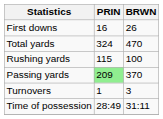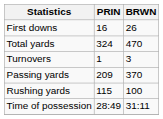 <table class="wikitable">
 <tr>
 <th>Statistics</th>
 <th>PRIN</th>
 <th>BRWN</th>
 </tr>
 <tr>
 <td>First downs</td>
 <td>16</td>
 <td>26</td>
 </tr>
 <tr>
 <td>Total yards</td>
 <td>324</td>
 <td>470</td>
 </tr>
 <tr>
+<td>Turnovers</td>
+<td>1</td>
+<td>3</td>
+</tr>
+<tr>
+<td>Passing yards</td>
+<td>209</td>
+<td>370</td>
+</tr>
+<tr>
 <td>Rushing yards</td>
 <td>115</td>
 <td>100</td>
-</tr>
-<tr>
-<td>Passing yards</td>
-<td style="background: lightgreen;">209</td>
-<td>370</td>
-</tr>
-<tr>
-<td>Turnovers</td>
-<td>1</td>
-<td>3</td>
 </tr>
 <tr>
 <td>Time of possession</td>
 <td>28:49</td>
 <td>31:11</td>
 </tr>
 <tr>
 </tr>
 </table>
